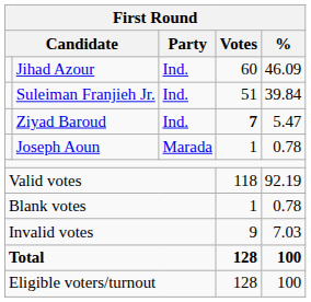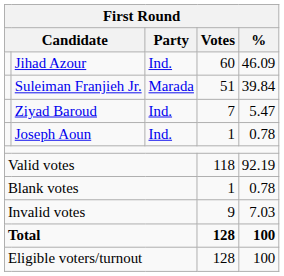 <table class="wikitable" style="text-align:right">
 <tr>
 <th colspan="5">First Round</th>
 </tr>
 <tr>
 <th colspan="2">Candidate</th>
 <th>Party</th>
 <th>Votes</th>
 <th>%</th>
 </tr>
 <tr>
 <td></td>
 <td align="left"><a href='#'>Jihad Azour</a></td>
 <td align="left"><a href='#'>Ind.</a></td>
 <td>60</td>
 <td>46.09</td>
 </tr>
 <tr>
 <td></td>
 <td align="left"><a href='#'>Suleiman Franjieh Jr.</a></td>
-<td align="left"><a href='#'>Ind.</a></td>
+<td align="left"><a href='#'>Marada</a></td>
 <td>51</td>
 <td>39.84</td>
 </tr>
 <tr>
 <td></td>
 <td align="left"><a href='#'>Ziyad Baroud</a></td>
 <td align="left"><a href='#'>Ind.</a></td>
-<td><strong>7</strong></td>
+<td>7</td>
 <td>5.47</td>
 </tr>
 <tr>
 <td></td>
 <td align="left"><a href='#'>Joseph Aoun</a></td>
-<td align="left"><a href='#'>Marada</a></td>
+<td align="left"><a href='#'>Ind.</a></td>
 <td>1</td>
 <td>0.78</td>
 </tr>
 <tr>
 <td colspan="12"></td>
 </tr>
 <tr>
 <td colspan="3" style="text-align:left;">Valid votes</td>
 <td>118</td>
 <td>92.19</td>
 </tr>
 <tr>
 <td colspan="3" style="text-align:left;">Blank votes</td>
 <td>1</td>
 <td>0.78</td>
 </tr>
 <tr>
 <td colspan="3" style="text-align:left;">Invalid votes</td>
 <td>9</td>
 <td>7.03</td>
 </tr>
 <tr>
 <td colspan="3" style="text-align:left;"><strong>Total</strong></td>
 <td><strong>128</strong></td>
 <td><strong>100</strong></td>
 </tr>
 <tr>
 <td colspan="3" style="text-align:left;">Eligible voters/turnout</td>
 <td>128</td>
 <td>100</td>
 </tr>
 </table>
